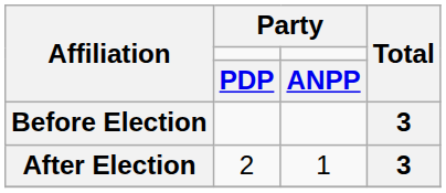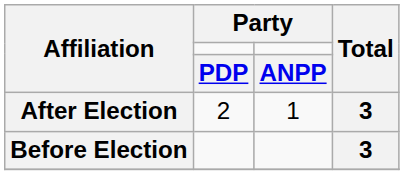 <table class="wikitable" style="text-align:center">
 <tr>
 <th rowspan="3">Affiliation</th>
 <th colspan="2">Party</th>
 <th rowspan="3">Total</th>
 </tr>
 <tr>
 <td style="background-color:"></td>
 <td style="background-color:"></td>
 </tr>
 <tr>
 <th><a href='#'>PDP</a></th>
 <th><a href='#'>ANPP</a></th>
 </tr>
 <tr>
+<th>After Election</th>
+<td>2</td>
+<td>1</td>
+<th>3</th>
+</tr>
+<tr>
 <th>Before Election</th>
 <td></td>
 <td></td>
 <th>3</th>
 </tr>
 <tr>
-<th>After Election</th>
-<td>2</td>
-<td>1</td>
-<th>3</th>
-</tr>
-<tr>
 </tr>
 </table>
